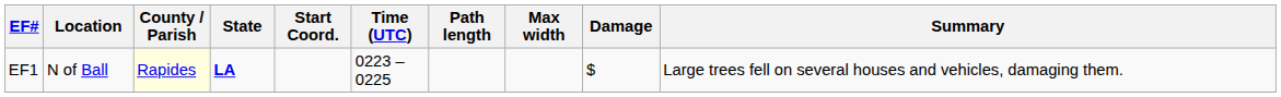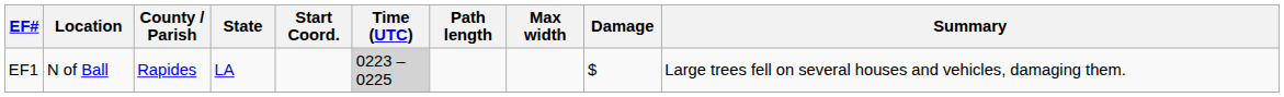 <table class="wikitable sortable" style="width:100%;">
 <tr>
 <th scope="col" width="3%" align="center"><a href='#'>EF#</a></th>
 <th scope="col" width="7%" align="center" class="unsortable">Location</th>
 <th scope="col" width="6%" align="center" class="unsortable">County / Parish</th>
 <th scope="col" width="5%" align="center">State</th>
 <th scope="col" width="6%" align="center">Start Coord.</th>
 <th scope="col" width="6%" align="center">Time (<a href='#'>UTC</a>)</th>
 <th scope="col" width="6%" align="center">Path length</th>
 <th scope="col" width="6%" align="center">Max width</th>
 <th scope="col" width="6%" align="center">Damage</th>
 <th scope="col" width="48%" class="unsortable" align="center">Summary</th>
 </tr>
 <tr>
 <td>EF1</td>
 <td>N of <a href='#'>Ball</a></td>
-<td style="background: lightyellow;"><a href='#'>Rapides</a></td>
-<td><strong><a href='#'>LA</a></strong></td>
+<td><a href='#'>Rapides</a></td>
+<td><a href='#'>LA</a></td>
 <td></td>
-<td>0223 – 0225</td>
+<td style="background: lightgrey;">0223 – 0225</td>
 <td></td>
 <td></td>
 <td>$</td>
 <td>Large trees fell on several houses and vehicles, damaging them.</td>
 </tr>
 <tr>
 </tr>
 </table>
